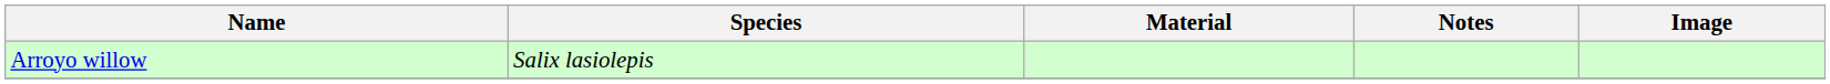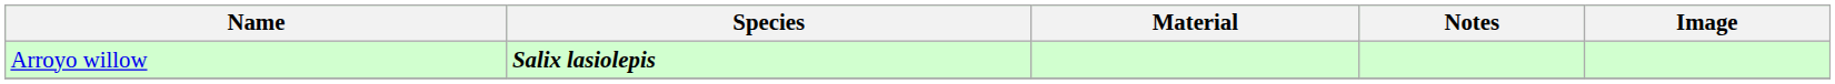 <table class="wikitable" align="center" width="100%" style="background:#D1FFCF;">
 <tr>
 <th>Name</th>
 <th>Species</th>
 <th>Material</th>
 <th>Notes</th>
 <th>Image</th>
 </tr>
 <tr>
 <td><a href='#'>Arroyo willow</a></td>
-<td><em>Salix lasiolepis</em></td>
+<td><strong><em>Salix lasiolepis</em></strong></td>
 <td></td>
 <td></td>
 <td></td>
 </tr>
 <tr>
 </tr>
 </table>
